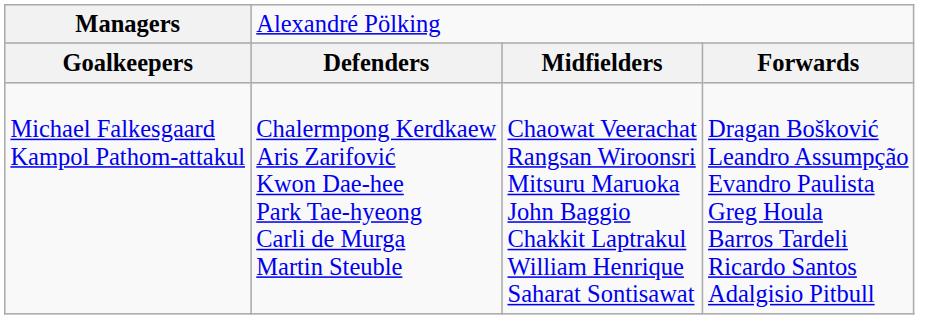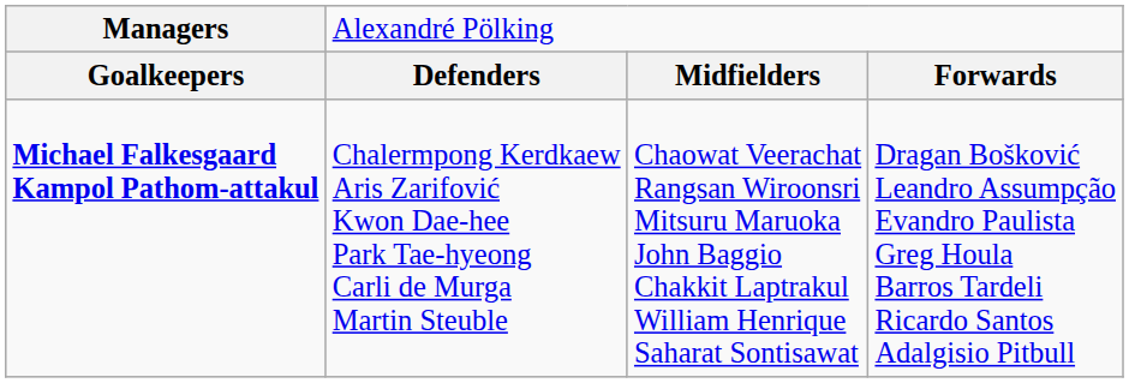 <table class="wikitable">
 <tr>
 <th>Managers</th>
 <td colspan=3> <a href='#'>Alexandré Pölking</a></td>
 </tr>
 <tr>
 <th>Goalkeepers</th>
 <th>Defenders</th>
 <th>Midfielders</th>
 <th>Forwards</th>
 </tr>
 <tr>
-<td align=left valign=top><br> <a href='#'>Michael Falkesgaard</a>  <br>  <a href='#'>Kampol Pathom-attakul</a>  <br></td>
+<td align=left valign=top><strong><br> <a href='#'>Michael Falkesgaard</a>  <br>  <a href='#'>Kampol Pathom-attakul</a>  <br></strong></td>
 <td align=left valign=top><br> <a href='#'>Chalermpong Kerdkaew</a>  <br>  <a href='#'>Aris Zarifović</a>  <br>  <a href='#'>Kwon Dae-hee</a>  <br>  <a href='#'>Park Tae-hyeong</a>  <br>  <a href='#'>Carli de Murga</a>  <br>  <a href='#'>Martin Steuble</a>  <br></td>
 <td align=left valign=top><br> <a href='#'>Chaowat Veerachat</a>  <br>  <a href='#'>Rangsan Wiroonsri</a>  <br>  <a href='#'>Mitsuru Maruoka</a>  <br>  <a href='#'>John Baggio</a>  <br>  <a href='#'>Chakkit Laptrakul</a>  <br>  <a href='#'>William Henrique</a>  <br>  <a href='#'>Saharat Sontisawat</a>  <br></td>
 <td align=left valign=top><br> <a href='#'>Dragan Bošković</a>  <br>  <a href='#'>Leandro Assumpção</a>  <br>  <a href='#'>Evandro Paulista</a>  <br>  <a href='#'>Greg Houla</a>  <br>  <a href='#'>Barros Tardeli</a>  <br>  <a href='#'>Ricardo Santos</a>  <br>  <a href='#'>Adalgisio Pitbull</a>  <br></td>
 </tr>
 </table>
